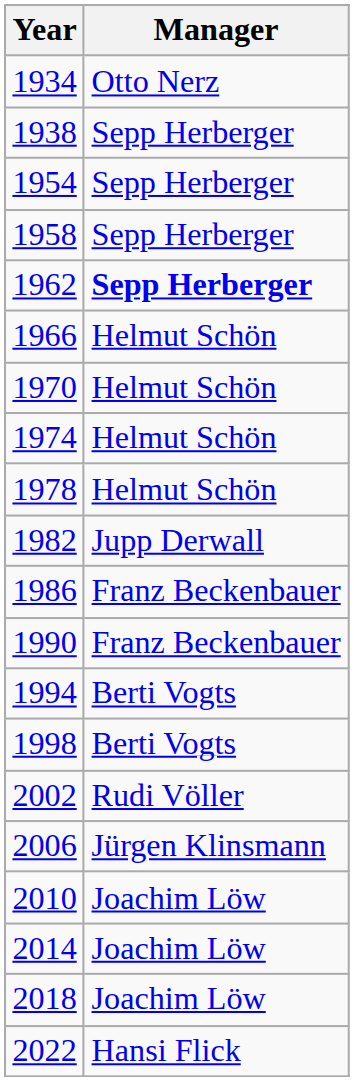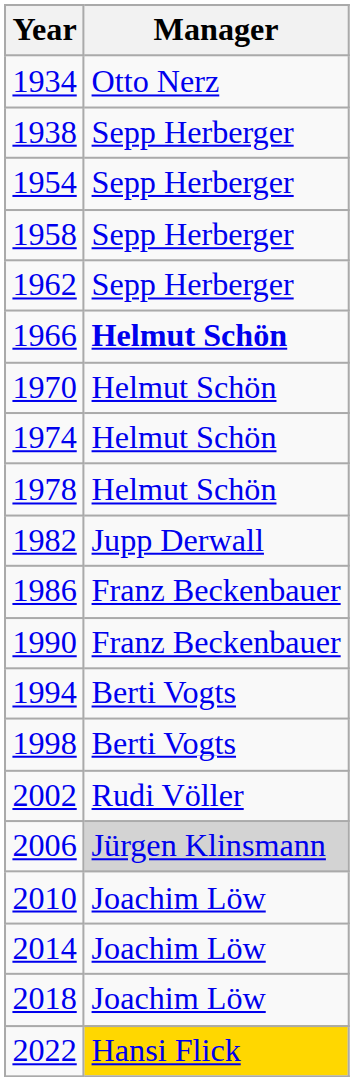 <table class="wikitable">
 <tr>
 <th>Year</th>
 <th>Manager</th>
 </tr>
 <tr>
 <td align=center><a href='#'>1934</a></td>
 <td> <a href='#'>Otto Nerz</a></td>
 </tr>
 <tr>
 <td align=center><a href='#'>1938</a></td>
 <td> <a href='#'>Sepp Herberger</a></td>
 </tr>
 <tr>
 <td align=center><a href='#'>1954</a></td>
 <td> <a href='#'>Sepp Herberger</a></td>
 </tr>
 <tr>
 <td align=center><a href='#'>1958</a></td>
 <td> <a href='#'>Sepp Herberger</a></td>
 </tr>
 <tr>
 <td align=center><a href='#'>1962</a></td>
-<td><strong> <a href='#'>Sepp Herberger</a></strong></td>
+<td> <a href='#'>Sepp Herberger</a></td>
 </tr>
 <tr>
 <td align=center><a href='#'>1966</a></td>
-<td> <a href='#'>Helmut Schön</a></td>
+<td><strong> <a href='#'>Helmut Schön</a></strong></td>
 </tr>
 <tr>
 <td align=center><a href='#'>1970</a></td>
 <td> <a href='#'>Helmut Schön</a></td>
 </tr>
 <tr>
 <td align=center><a href='#'>1974</a></td>
 <td> <a href='#'>Helmut Schön</a></td>
 </tr>
 <tr>
 <td align=center><a href='#'>1978</a></td>
 <td> <a href='#'>Helmut Schön</a></td>
 </tr>
 <tr>
 <td align=center><a href='#'>1982</a></td>
 <td> <a href='#'>Jupp Derwall</a></td>
 </tr>
 <tr>
 <td align=center><a href='#'>1986</a></td>
 <td> <a href='#'>Franz Beckenbauer</a></td>
 </tr>
 <tr>
 <td align=center><a href='#'>1990</a></td>
 <td> <a href='#'>Franz Beckenbauer</a></td>
 </tr>
 <tr>
 <td align=center><a href='#'>1994</a></td>
 <td> <a href='#'>Berti Vogts</a></td>
 </tr>
 <tr>
 <td align=center><a href='#'>1998</a></td>
 <td> <a href='#'>Berti Vogts</a></td>
 </tr>
 <tr>
 <td align=center><a href='#'>2002</a></td>
 <td> <a href='#'>Rudi Völler</a></td>
 </tr>
 <tr>
 <td align=center><a href='#'>2006</a></td>
-<td> <a href='#'>Jürgen Klinsmann</a></td>
+<td style="background: lightgrey;"> <a href='#'>Jürgen Klinsmann</a></td>
 </tr>
 <tr>
 <td align=center><a href='#'>2010</a></td>
 <td> <a href='#'>Joachim Löw</a></td>
 </tr>
 <tr>
 <td align=center><a href='#'>2014</a></td>
 <td> <a href='#'>Joachim Löw</a></td>
 </tr>
 <tr>
 <td align=center><a href='#'>2018</a></td>
 <td> <a href='#'>Joachim Löw</a></td>
 </tr>
 <tr>
 <td align=center><a href='#'>2022</a></td>
-<td> <a href='#'>Hansi Flick</a></td>
+<td style="background: gold;"> <a href='#'>Hansi Flick</a></td>
 </tr>
 </table>
